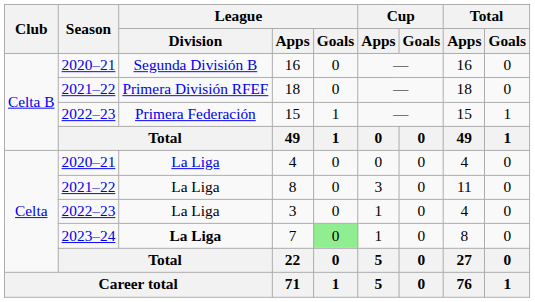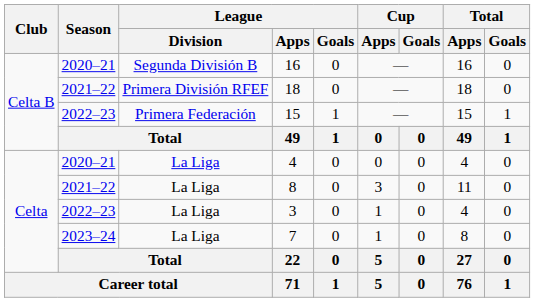 <table class="wikitable" style="text-align:center">
 <tr>
 <th rowspan="2">Club</th>
 <th rowspan="2">Season</th>
 <th colspan="3">League</th>
 <th colspan="2">Cup</th>
 <th colspan="2">Total</th>
 </tr>
 <tr>
 <th>Division</th>
 <th>Apps</th>
 <th>Goals</th>
 <th>Apps</th>
 <th>Goals</th>
 <th>Apps</th>
 <th>Goals</th>
 </tr>
 <tr>
 <td rowspan="4"><a href='#'>Celta B</a></td>
 <td><a href='#'>2020–21</a></td>
 <td><a href='#'>Segunda División B</a></td>
 <td>16</td>
 <td>0</td>
 <td colspan="2">—</td>
 <td>16</td>
 <td>0</td>
 </tr>
 <tr>
 <td><a href='#'>2021–22</a></td>
 <td><a href='#'>Primera División RFEF</a></td>
 <td>18</td>
 <td>0</td>
 <td colspan="2">—</td>
 <td>18</td>
 <td>0</td>
 </tr>
 <tr>
 <td><a href='#'>2022–23</a></td>
 <td><a href='#'>Primera Federación</a></td>
 <td>15</td>
 <td>1</td>
 <td colspan="2">—</td>
 <td>15</td>
 <td>1</td>
 </tr>
 <tr>
 <th colspan="2">Total</th>
 <th>49</th>
 <th>1</th>
 <th>0</th>
 <th>0</th>
 <th>49</th>
 <th>1</th>
 </tr>
 <tr>
 <td rowspan="5"><a href='#'>Celta</a></td>
 <td><a href='#'>2020–21</a></td>
 <td><a href='#'>La Liga</a></td>
 <td>4</td>
 <td>0</td>
 <td>0</td>
 <td>0</td>
 <td>4</td>
 <td>0</td>
 </tr>
 <tr>
 <td><a href='#'>2021–22</a></td>
 <td>La Liga</td>
 <td>8</td>
 <td>0</td>
 <td>3</td>
 <td>0</td>
 <td>11</td>
 <td>0</td>
 </tr>
 <tr>
 <td><a href='#'>2022–23</a></td>
 <td>La Liga</td>
 <td>3</td>
 <td>0</td>
 <td>1</td>
 <td>0</td>
 <td>4</td>
 <td>0</td>
 </tr>
 <tr>
 <td><a href='#'>2023–24</a></td>
-<td><strong>La Liga</strong></td>
+<td>La Liga</td>
 <td>7</td>
-<td style="background: lightgreen;">0</td>
+<td>0</td>
 <td>1</td>
 <td>0</td>
 <td>8</td>
 <td>0</td>
 </tr>
 <tr>
 <th colspan="2">Total</th>
 <th>22</th>
 <th>0</th>
 <th>5</th>
 <th>0</th>
 <th>27</th>
 <th>0</th>
 </tr>
 <tr>
 <th colspan="3">Career total</th>
 <th>71</th>
 <th>1</th>
 <th>5</th>
 <th>0</th>
 <th>76</th>
 <th>1</th>
 </tr>
 </table>
